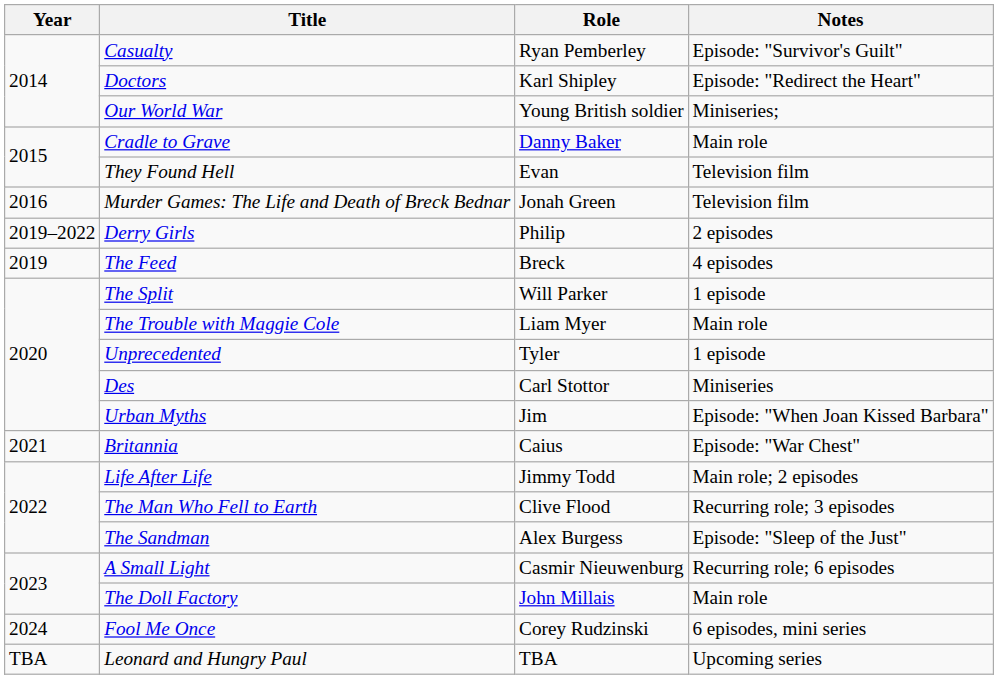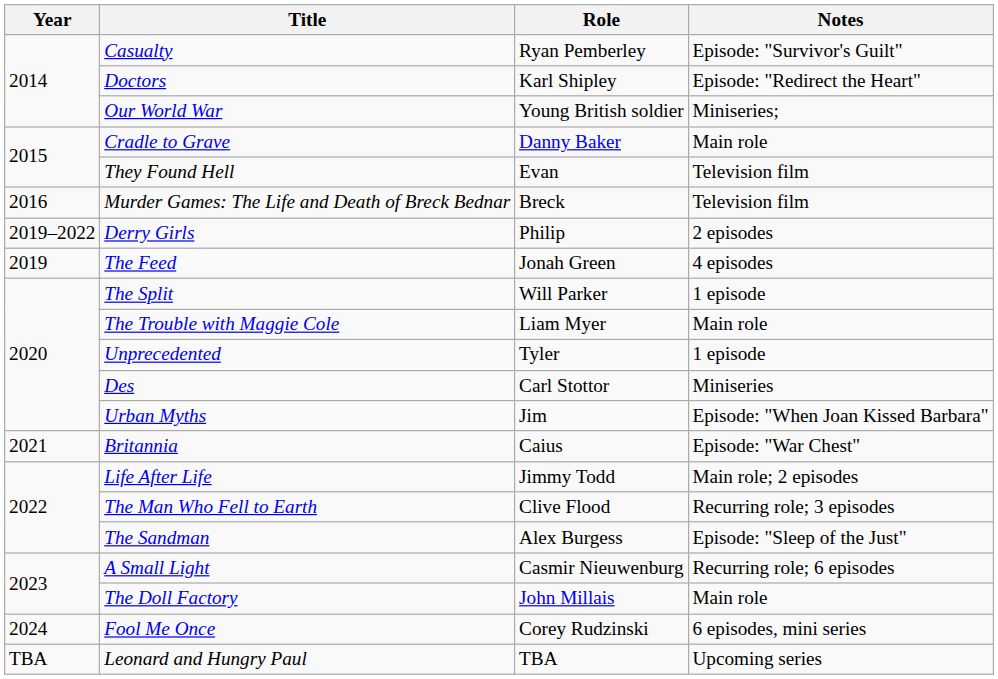 <table class="wikitable sortable">
 <tr>
 <th>Year</th>
 <th>Title</th>
 <th>Role</th>
 <th class="unsortable">Notes</th>
 </tr>
 <tr>
 <td rowspan="3">2014</td>
 <td><em><a href='#'>Casualty</a></em></td>
 <td>Ryan Pemberley</td>
 <td>Episode: "Survivor's Guilt"</td>
 </tr>
 <tr>
 <td><em><a href='#'>Doctors</a></em></td>
 <td>Karl Shipley</td>
 <td>Episode: "Redirect the Heart"</td>
 </tr>
 <tr>
 <td><em><a href='#'>Our World War</a></em></td>
 <td>Young British soldier</td>
 <td>Miniseries;</td>
 </tr>
 <tr>
 <td rowspan="2">2015</td>
 <td><em><a href='#'>Cradle to Grave</a></em></td>
 <td><a href='#'>Danny Baker</a></td>
 <td>Main role</td>
 </tr>
 <tr>
 <td><em>They Found Hell</em></td>
 <td>Evan</td>
 <td>Television film</td>
 </tr>
 <tr>
 <td>2016</td>
 <td><em>Murder Games: The Life and Death of Breck Bednar</em></td>
-<td>Jonah Green</td>
+<td>Breck</td>
 <td>Television film</td>
 </tr>
 <tr>
 <td>2019–2022</td>
 <td><em><a href='#'>Derry Girls</a></em></td>
 <td>Philip</td>
 <td>2 episodes</td>
 </tr>
 <tr>
 <td>2019</td>
 <td><em><a href='#'>The Feed</a></em></td>
-<td>Breck</td>
+<td>Jonah Green</td>
 <td>4 episodes</td>
 </tr>
 <tr>
 <td rowspan="5">2020</td>
 <td><em><a href='#'>The Split</a></em></td>
 <td>Will Parker</td>
 <td>1 episode</td>
 </tr>
 <tr>
 <td><em><a href='#'>The Trouble with Maggie Cole</a></em></td>
 <td>Liam Myer</td>
 <td>Main role</td>
 </tr>
 <tr>
 <td><em><a href='#'>Unprecedented</a></em></td>
 <td>Tyler</td>
 <td>1 episode</td>
 </tr>
 <tr>
 <td><em><a href='#'>Des</a></em></td>
 <td>Carl Stottor</td>
 <td>Miniseries</td>
 </tr>
 <tr>
 <td><em><a href='#'>Urban Myths</a></em></td>
 <td>Jim</td>
 <td>Episode: "When Joan Kissed Barbara"</td>
 </tr>
 <tr>
 <td>2021</td>
 <td><em><a href='#'>Britannia</a></em></td>
 <td>Caius</td>
 <td>Episode: "War Chest"</td>
 </tr>
 <tr>
 <td rowspan="3">2022</td>
 <td><em><a href='#'>Life After Life</a></em></td>
 <td>Jimmy Todd</td>
 <td>Main role; 2 episodes</td>
 </tr>
 <tr>
 <td><em><a href='#'>The Man Who Fell to Earth</a></em></td>
 <td>Clive Flood</td>
 <td>Recurring role; 3 episodes</td>
 </tr>
 <tr>
 <td><em><a href='#'>The Sandman</a></em></td>
 <td>Alex Burgess</td>
 <td>Episode: "Sleep of the Just"</td>
 </tr>
 <tr>
 <td rowspan="2">2023</td>
 <td><em><a href='#'>A Small Light</a></em></td>
 <td>Casmir Nieuwenburg</td>
 <td>Recurring role; 6 episodes</td>
 </tr>
 <tr>
 <td><em><a href='#'>The Doll Factory</a></em></td>
 <td><a href='#'>John Millais</a></td>
 <td>Main role</td>
 </tr>
 <tr>
 <td>2024</td>
 <td><em><a href='#'>Fool Me Once</a></em></td>
 <td>Corey Rudzinski</td>
 <td>6 episodes, mini series</td>
 </tr>
 <tr>
 <td>TBA</td>
 <td><em>Leonard and Hungry Paul</em></td>
 <td>TBA</td>
 <td>Upcoming series</td>
 </tr>
 </table>
